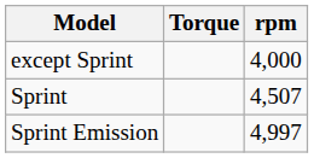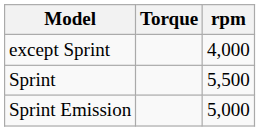 <table class="wikitable" style="display: inline-table;">
 <tr>
 <th>Model</th>
 <th>Torque</th>
 <th>rpm</th>
 </tr>
 <tr>
 <td>except Sprint</td>
 <td></td>
 <td>4,000</td>
 </tr>
 <tr>
 <td>Sprint</td>
 <td></td>
-<td>4,507</td>
+<td>5,500</td>
 </tr>
 <tr>
 <td>Sprint Emission</td>
 <td></td>
-<td>4,997</td>
+<td>5,000</td>
 </tr>
 </table>
